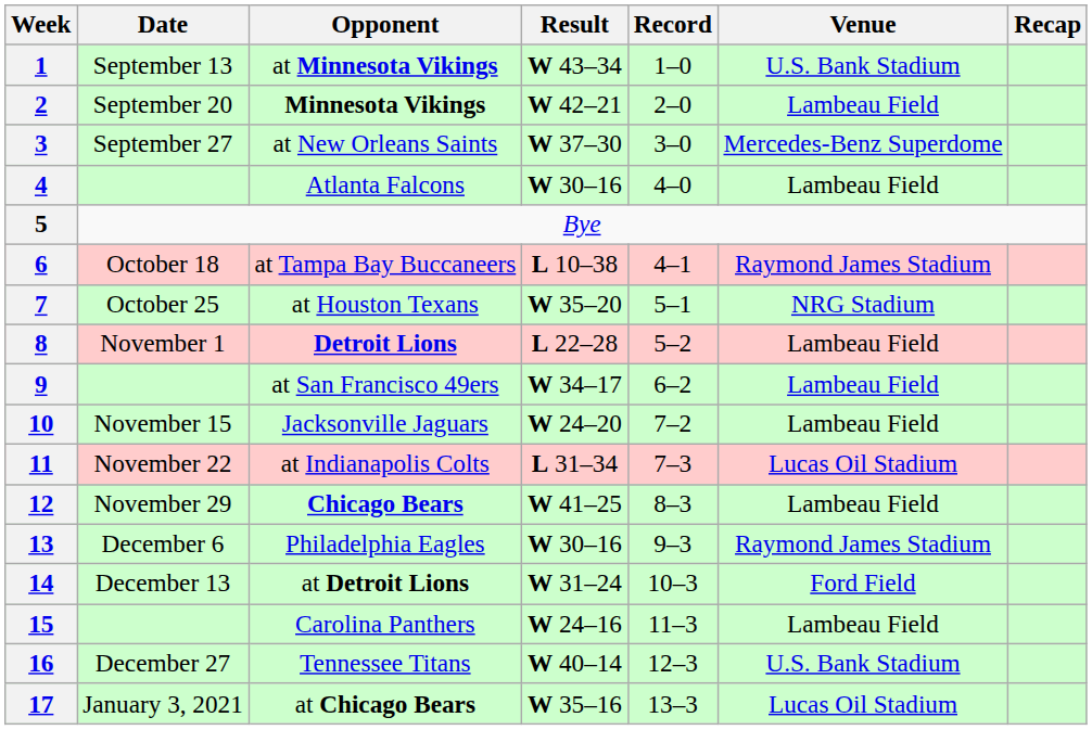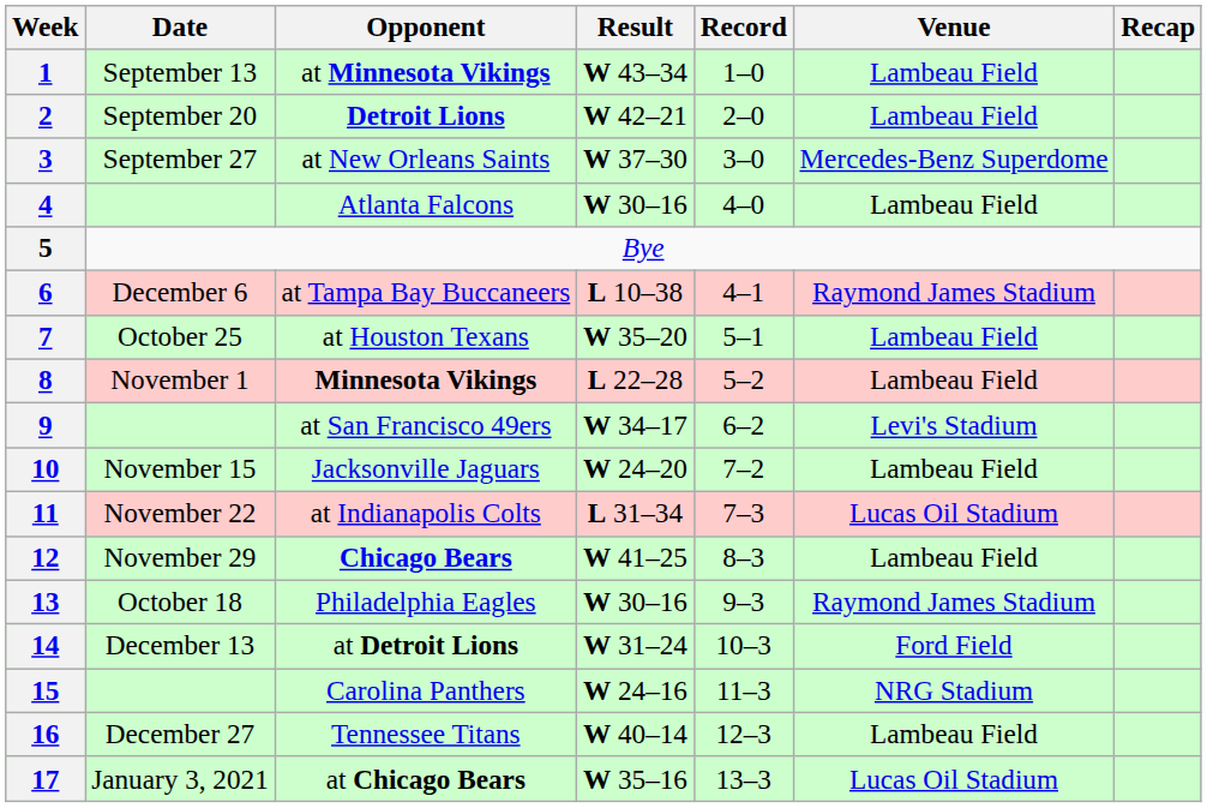 <table class="wikitable" style="text-align:center">
 <tr>
 <th>Week</th>
 <th>Date</th>
 <th>Opponent</th>
 <th>Result</th>
 <th>Record</th>
 <th>Venue</th>
 <th>Recap</th>
 </tr>
 <tr style="background:#cfc">
 <th><a href='#'>1</a></th>
 <td>September 13</td>
 <td>at <strong><a href='#'>Minnesota Vikings</a></strong></td>
 <td><strong>W</strong> 43–34</td>
 <td>1–0</td>
-<td><a href='#'>U.S. Bank Stadium</a></td>
+<td><a href='#'>Lambeau Field</a></td>
 <td></td>
 </tr>
 <tr style="background:#cfc">
 <th><a href='#'>2</a></th>
 <td>September 20</td>
-<td><strong>Minnesota Vikings</strong></td>
+<td><strong><a href='#'>Detroit Lions</a></strong></td>
 <td><strong>W</strong> 42–21</td>
 <td>2–0</td>
 <td><a href='#'>Lambeau Field</a></td>
 <td></td>
 </tr>
 <tr style="background:#cfc">
 <th><a href='#'>3</a></th>
 <td>September 27</td>
 <td>at <a href='#'>New Orleans Saints</a></td>
 <td><strong>W</strong> 37–30</td>
 <td>3–0</td>
 <td><a href='#'>Mercedes-Benz Superdome</a></td>
 <td></td>
 </tr>
 <tr style="background:#cfc">
 <th><a href='#'>4</a></th>
 <td></td>
 <td><a href='#'>Atlanta Falcons</a></td>
 <td><strong>W</strong> 30–16</td>
 <td>4–0</td>
 <td>Lambeau Field</td>
 <td></td>
 </tr>
 <tr>
 <th>5</th>
 <td colspan="6"><em><a href='#'>Bye</a></em></td>
 </tr>
 <tr style="background:#fcc">
 <th><a href='#'>6</a></th>
-<td>October 18</td>
+<td>December 6</td>
 <td>at <a href='#'>Tampa Bay Buccaneers</a></td>
 <td><strong>L</strong> 10–38</td>
 <td>4–1</td>
 <td><a href='#'>Raymond James Stadium</a></td>
 <td></td>
 </tr>
 <tr style="background:#cfc">
 <th><a href='#'>7</a></th>
 <td>October 25</td>
 <td>at <a href='#'>Houston Texans</a></td>
 <td><strong>W</strong> 35–20</td>
 <td>5–1</td>
-<td><a href='#'>NRG Stadium</a></td>
+<td><a href='#'>Lambeau Field</a></td>
 <td></td>
 </tr>
 <tr style="background:#fcc">
 <th><a href='#'>8</a></th>
 <td>November 1</td>
-<td><strong><a href='#'>Detroit Lions</a></strong></td>
+<td><strong>Minnesota Vikings</strong></td>
 <td><strong>L</strong> 22–28</td>
 <td>5–2</td>
 <td>Lambeau Field</td>
 <td></td>
 </tr>
 <tr style="background:#cfc">
 <th><a href='#'>9</a></th>
 <td></td>
 <td>at <a href='#'>San Francisco 49ers</a></td>
 <td><strong>W</strong> 34–17</td>
 <td>6–2</td>
-<td><a href='#'>Lambeau Field</a></td>
+<td><a href='#'>Levi's Stadium</a></td>
 <td></td>
 </tr>
 <tr style="background:#cfc">
 <th><a href='#'>10</a></th>
 <td>November 15</td>
 <td><a href='#'>Jacksonville Jaguars</a></td>
 <td><strong>W</strong> 24–20</td>
 <td>7–2</td>
 <td>Lambeau Field</td>
 <td></td>
 </tr>
 <tr style="background:#fcc">
 <th><a href='#'>11</a></th>
 <td>November 22</td>
 <td>at <a href='#'>Indianapolis Colts</a></td>
 <td><strong>L</strong> 31–34 </td>
 <td>7–3</td>
 <td><a href='#'>Lucas Oil Stadium</a></td>
 <td></td>
 </tr>
 <tr style="background:#cfc">
 <th><a href='#'>12</a></th>
 <td>November 29</td>
 <td><strong><a href='#'>Chicago Bears</a></strong></td>
 <td><strong>W</strong> 41–25</td>
 <td>8–3</td>
 <td>Lambeau Field</td>
 <td></td>
 </tr>
 <tr style="background:#cfc">
 <th><a href='#'>13</a></th>
-<td>December 6</td>
+<td>October 18</td>
 <td><a href='#'>Philadelphia Eagles</a></td>
 <td><strong>W</strong> 30–16</td>
 <td>9–3</td>
 <td><a href='#'>Raymond James Stadium</a></td>
 <td></td>
 </tr>
 <tr style="background:#cfc">
 <th><a href='#'>14</a></th>
 <td>December 13</td>
 <td>at <strong>Detroit Lions</strong></td>
 <td><strong>W</strong> 31–24</td>
 <td>10–3</td>
 <td><a href='#'>Ford Field</a></td>
 <td></td>
 </tr>
 <tr style="background:#cfc">
 <th><a href='#'>15</a></th>
 <td></td>
 <td><a href='#'>Carolina Panthers</a></td>
 <td><strong>W</strong> 24–16</td>
 <td>11–3</td>
-<td>Lambeau Field</td>
+<td><a href='#'>NRG Stadium</a></td>
 <td></td>
 </tr>
 <tr style="background:#cfc">
 <th><a href='#'>16</a></th>
 <td>December 27</td>
 <td><a href='#'>Tennessee Titans</a></td>
 <td><strong>W</strong> 40–14</td>
 <td>12–3</td>
-<td><a href='#'>U.S. Bank Stadium</a></td>
+<td>Lambeau Field</td>
 <td></td>
 </tr>
 <tr style="background:#cfc">
 <th><a href='#'>17</a></th>
 <td>January 3, 2021</td>
 <td>at <strong>Chicago Bears</strong></td>
 <td><strong>W</strong> 35–16</td>
 <td>13–3</td>
 <td><a href='#'>Lucas Oil Stadium</a></td>
 <td></td>
 </tr>
 </table>
